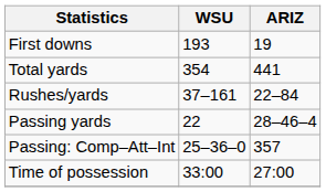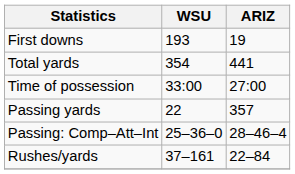 <table class="wikitable" style="float: left;">
 <tr>
 <th>Statistics</th>
 <th>WSU</th>
 <th>ARIZ</th>
 </tr>
 <tr>
 <td>First downs</td>
 <td>193</td>
 <td>19</td>
 </tr>
 <tr>
 <td>Total yards</td>
 <td>354</td>
 <td>441</td>
 </tr>
 <tr>
+<td>Time of possession</td>
+<td>33:00</td>
+<td>27:00</td>
+</tr>
+<tr>
+<td>Passing yards</td>
+<td>22</td>
+<td>357</td>
+</tr>
+<tr>
+<td>Passing: Comp–Att–Int</td>
+<td>25–36–0</td>
+<td>28–46–4</td>
+</tr>
+<tr>
 <td>Rushes/yards</td>
 <td>37–161</td>
 <td>22–84</td>
 </tr>
 <tr>
-<td>Passing yards</td>
-<td>22</td>
-<td>28–46–4</td>
-</tr>
-<tr>
-<td>Passing: Comp–Att–Int</td>
-<td>25–36–0</td>
-<td>357</td>
-</tr>
-<tr>
-<td>Time of possession</td>
-<td>33:00</td>
-<td>27:00</td>
-</tr>
-<tr>
 </tr>
 </table>
